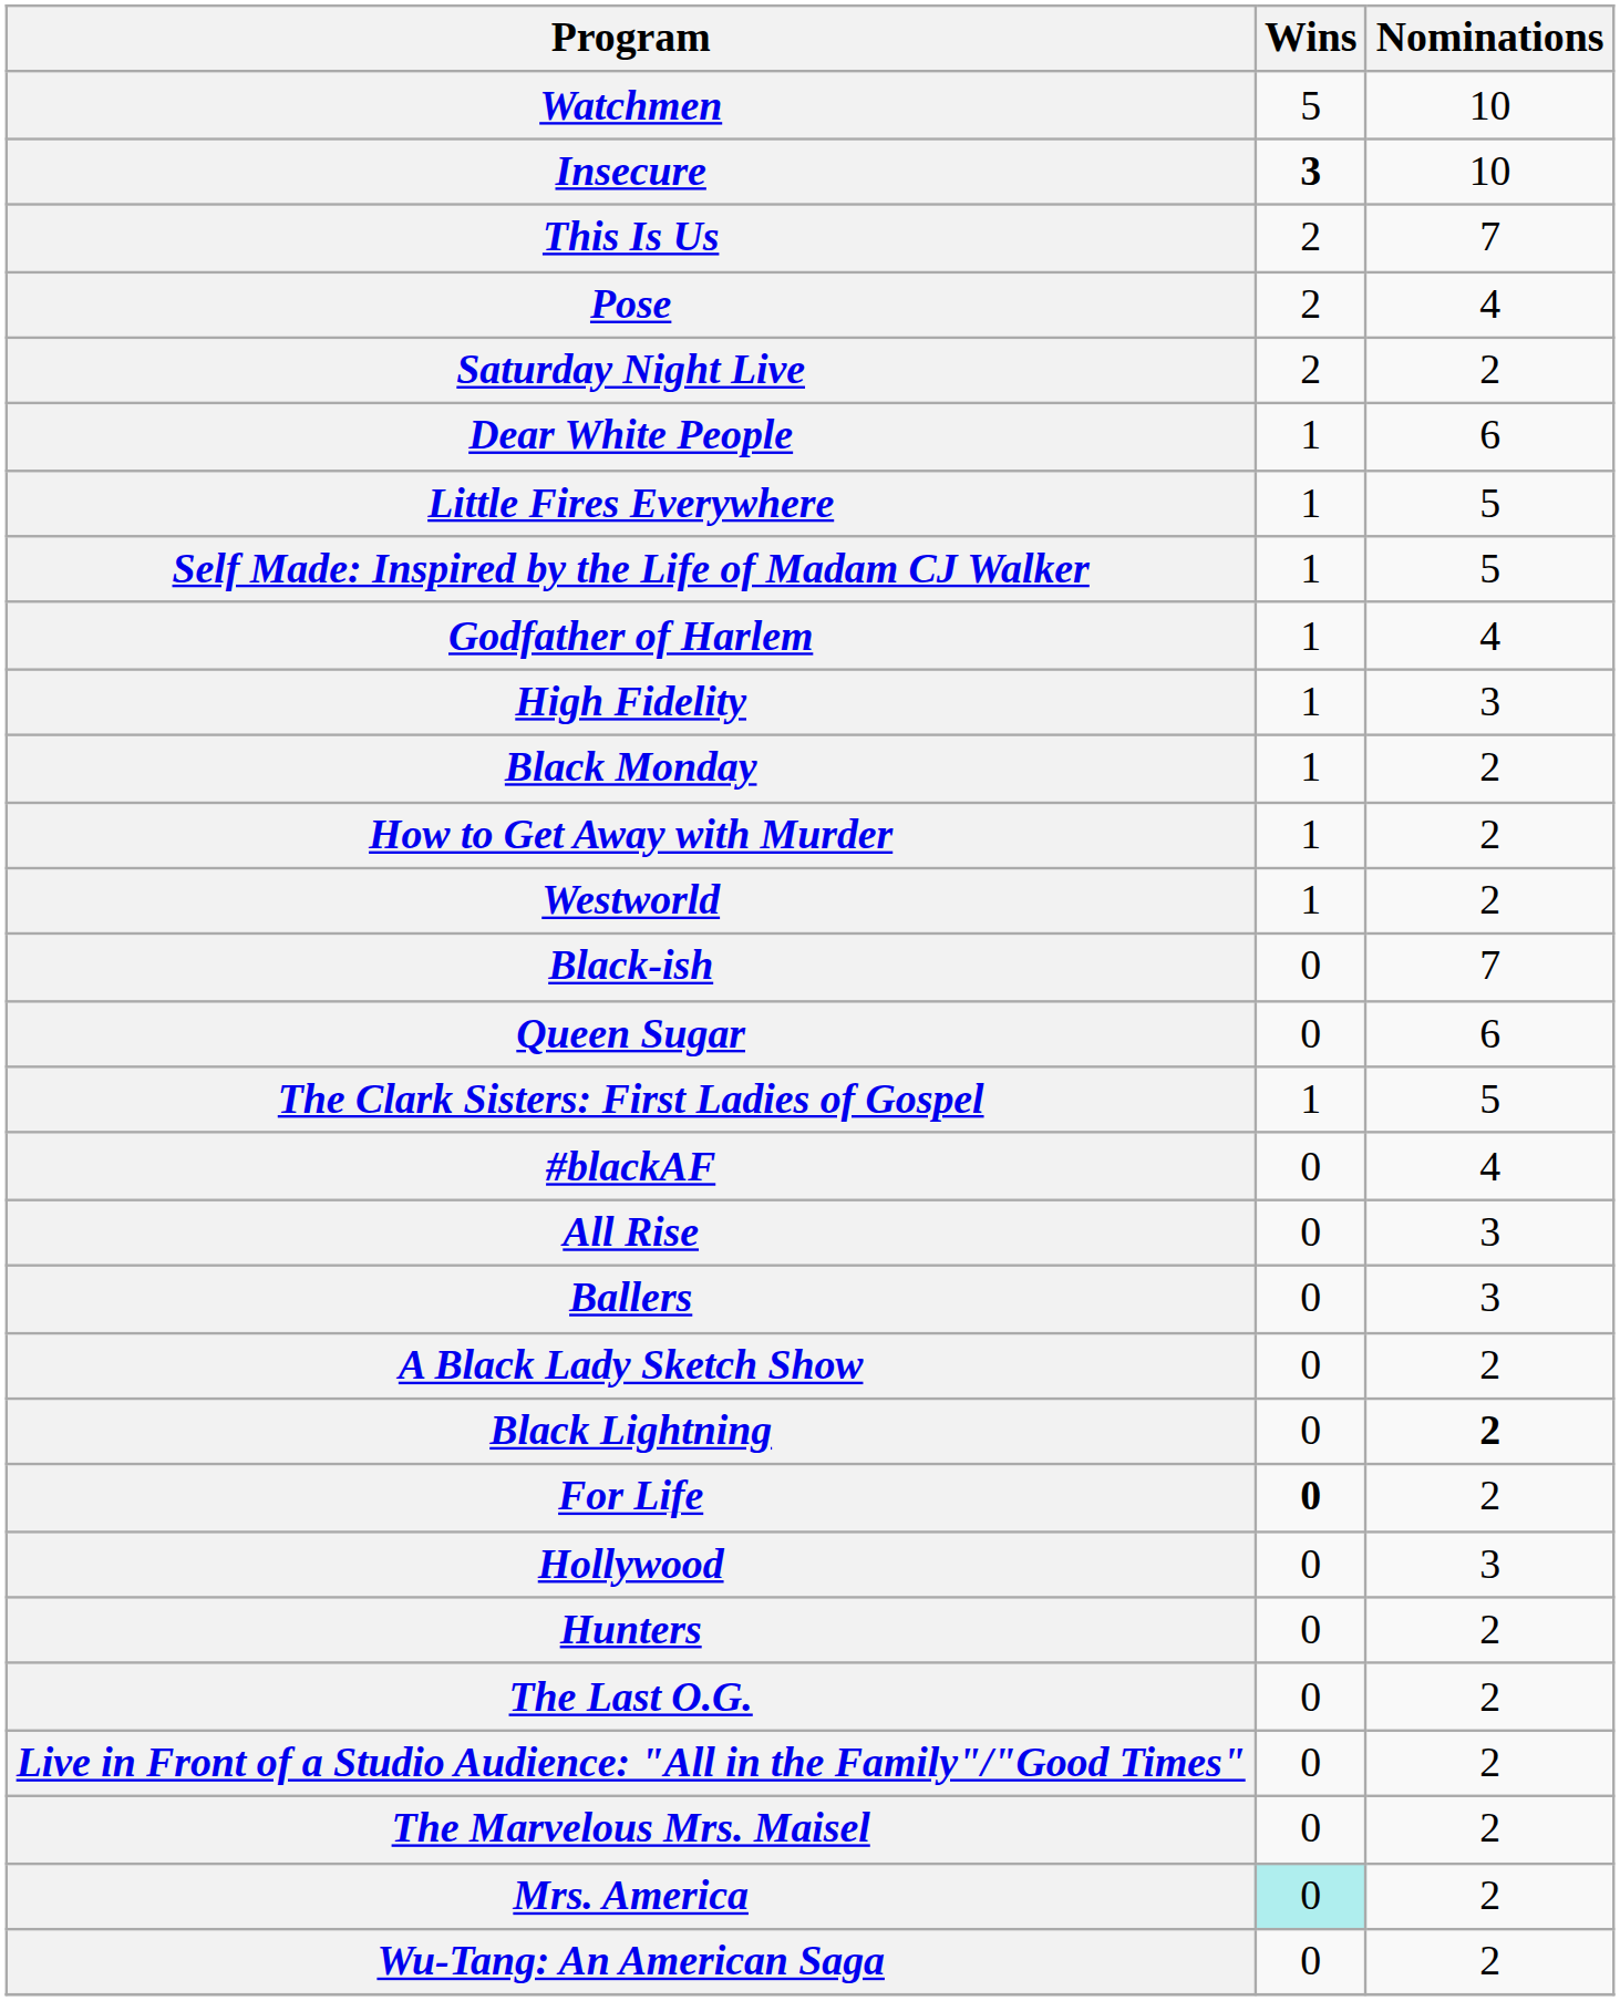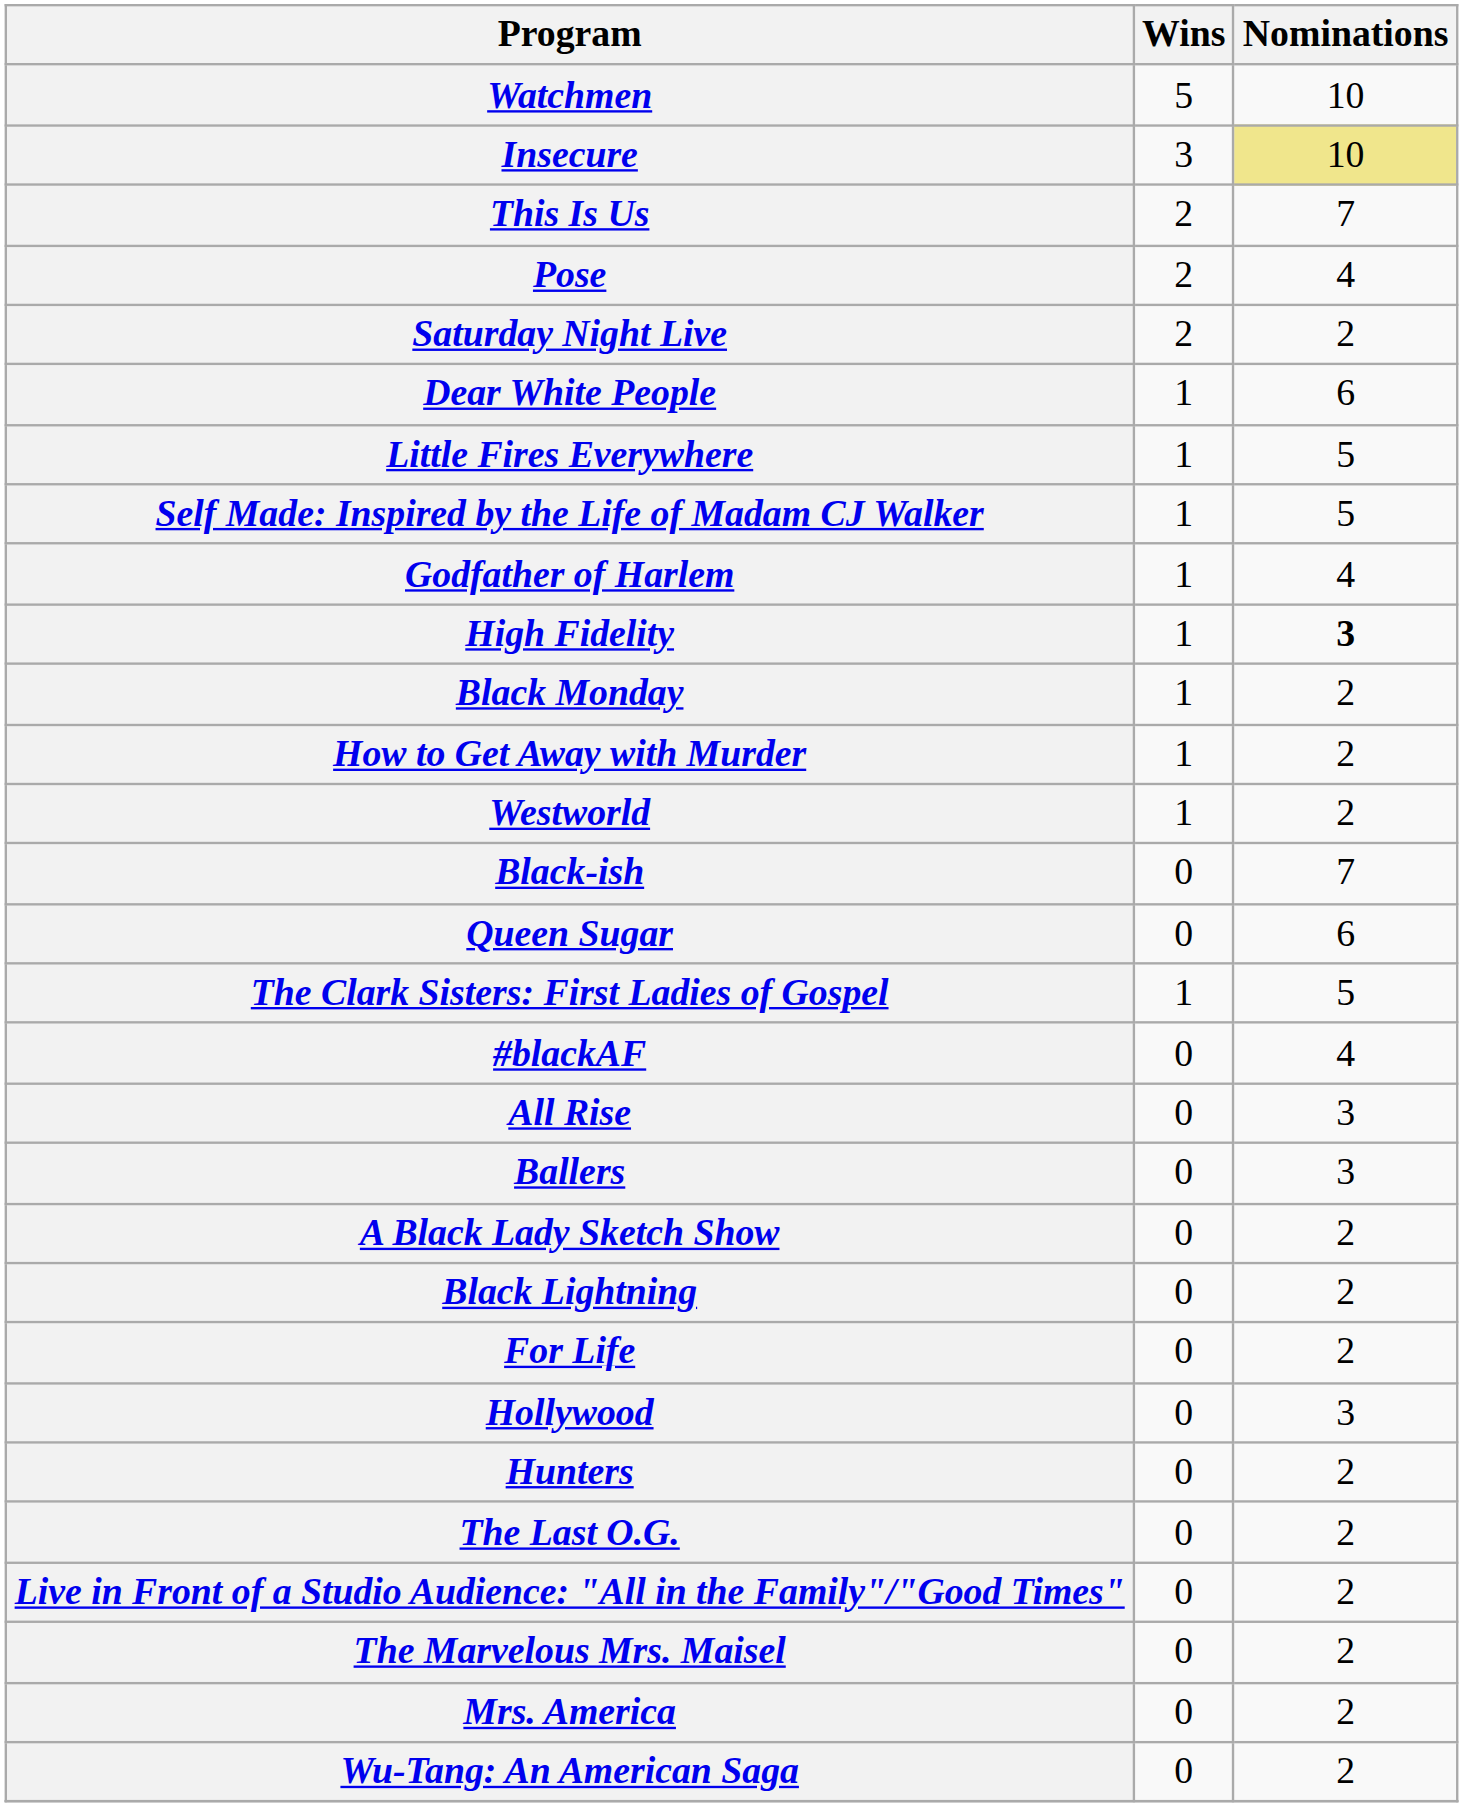 <table class="wikitable sortable plainrowheaders" style="text-align: center; margin:auto">
 <tr>
 <th>Program</th>
 <th>Wins</th>
 <th>Nominations</th>
 </tr>
 <tr>
 <th scope="row"><em><a href='#'>Watchmen</a></em></th>
 <td>5</td>
 <td>10</td>
 </tr>
 <tr>
 <th scope="row"><em><a href='#'>Insecure</a></em></th>
-<td><strong>3</strong></td>
-<td>10</td>
+<td>3</td>
+<td style="background: khaki;">10</td>
 </tr>
 <tr>
 <th scope="row"><em><a href='#'>This Is Us</a></em></th>
 <td>2</td>
 <td>7</td>
 </tr>
 <tr>
 <th scope="row"><em><a href='#'>Pose</a></em></th>
 <td>2</td>
 <td>4</td>
 </tr>
 <tr>
 <th scope="row"><em><a href='#'>Saturday Night Live</a></em></th>
 <td>2</td>
 <td>2</td>
 </tr>
 <tr>
 <th scope="row"><em><a href='#'>Dear White People</a></em></th>
 <td>1</td>
 <td>6</td>
 </tr>
 <tr>
 <th scope="row"><em><a href='#'>Little Fires Everywhere</a></em></th>
 <td>1</td>
 <td>5</td>
 </tr>
 <tr>
 <th scope="row"><em><a href='#'>Self Made: Inspired by the Life of Madam CJ Walker</a></em></th>
 <td>1</td>
 <td>5</td>
 </tr>
 <tr>
 <th scope="row"><em><a href='#'>Godfather of Harlem</a></em></th>
 <td>1</td>
 <td>4</td>
 </tr>
 <tr>
 <th scope="row"><em><a href='#'>High Fidelity</a></em></th>
 <td>1</td>
-<td>3</td>
+<td><strong>3</strong></td>
 </tr>
 <tr>
 <th scope="row"><em><a href='#'>Black Monday</a></em></th>
 <td>1</td>
 <td>2</td>
 </tr>
 <tr>
 <th scope="row"><em><a href='#'>How to Get Away with Murder</a></em></th>
 <td>1</td>
 <td>2</td>
 </tr>
 <tr>
 <th scope="row"><em><a href='#'>Westworld</a></em></th>
 <td>1</td>
 <td>2</td>
 </tr>
 <tr>
 <th scope="row"><em><a href='#'>Black-ish</a></em></th>
 <td>0</td>
 <td>7</td>
 </tr>
 <tr>
 <th scope="row"><em><a href='#'>Queen Sugar</a></em></th>
 <td>0</td>
 <td>6</td>
 </tr>
 <tr>
 <th scope="row"><em><a href='#'>The Clark Sisters: First Ladies of Gospel</a></em></th>
 <td>1</td>
 <td>5</td>
 </tr>
 <tr>
 <th scope="row"><em><a href='#'>#blackAF</a></em></th>
 <td>0</td>
 <td>4</td>
 </tr>
 <tr>
 <th scope="row"><em><a href='#'>All Rise</a></em></th>
 <td>0</td>
 <td>3</td>
 </tr>
 <tr>
 <th scope="row"><em><a href='#'>Ballers</a></em></th>
 <td>0</td>
 <td>3</td>
 </tr>
 <tr>
 <th scope="row"><em><a href='#'>A Black Lady Sketch Show</a></em></th>
 <td>0</td>
 <td>2</td>
 </tr>
 <tr>
 <th scope="row"><em><a href='#'>Black Lightning</a></em></th>
 <td>0</td>
-<td><strong>2</strong></td>
+<td>2</td>
 </tr>
 <tr>
 <th scope="row"><em><a href='#'>For Life</a></em></th>
-<td><strong>0</strong></td>
+<td>0</td>
 <td>2</td>
 </tr>
 <tr>
 <th scope="row"><em><a href='#'>Hollywood</a></em></th>
 <td>0</td>
 <td>3</td>
 </tr>
 <tr>
 <th scope="row"><em><a href='#'>Hunters</a></em></th>
 <td>0</td>
 <td>2</td>
 </tr>
 <tr>
 <th scope="row"><em><a href='#'>The Last O.G.</a></em></th>
 <td>0</td>
 <td>2</td>
 </tr>
 <tr>
 <th scope="row"><em><a href='#'>Live in Front of a Studio Audience: "All in the Family"/"Good Times"</a></em></th>
 <td>0</td>
 <td>2</td>
 </tr>
 <tr>
 <th scope="row"><em><a href='#'>The Marvelous Mrs. Maisel</a></em></th>
 <td>0</td>
 <td>2</td>
 </tr>
 <tr>
 <th scope="row"><em><a href='#'>Mrs. America</a></em></th>
-<td style="background: paleturquoise;">0</td>
+<td>0</td>
 <td>2</td>
 </tr>
 <tr>
 <th scope="row"><em><a href='#'>Wu-Tang: An American Saga</a></em></th>
 <td>0</td>
 <td>2</td>
 </tr>
 <tr>
 </tr>
 </table>
